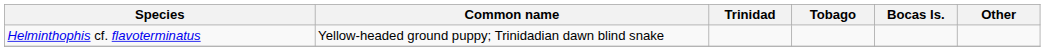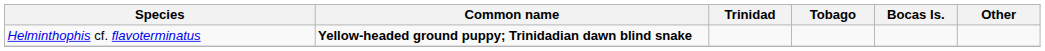 <table width=100% class="wikitable">
 <tr>
 <th scope="col" width=30%>Species</th>
 <th scope="col" width=38%>Common name</th>
 <th scope="col" width=8%>Trinidad</th>
 <th scope="col" width=8%>Tobago</th>
 <th scope="col" width=8%>Bocas Is.</th>
 <th scope="col" width=8%>Other</th>
 </tr>
 <tr>
 <td><em><a href='#'>Helminthophis</a></em> cf. <em><a href='#'>flavoterminatus</a></em></td>
-<td>Yellow-headed ground puppy; Trinidadian dawn blind snake</td>
+<td><strong>Yellow-headed ground puppy; Trinidadian dawn blind snake</strong></td>
 <td></td>
 <td></td>
 <td></td>
 <td></td>
 </tr>
 <tr>
 </tr>
 </table>
